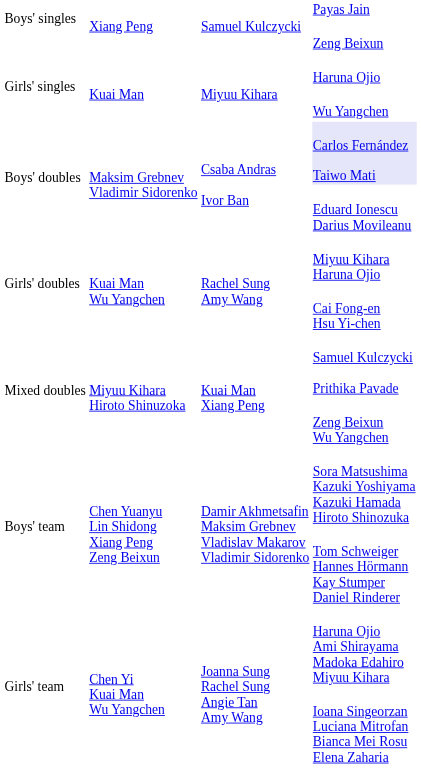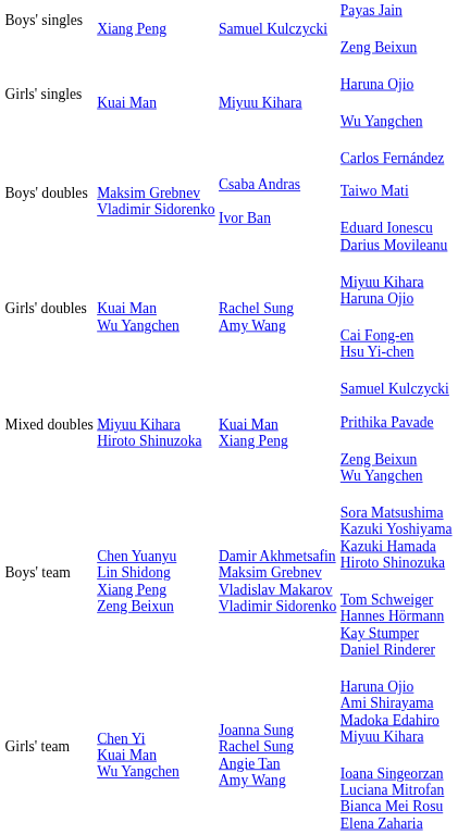 <table>
 <tr>
 <td rowspan=2>Boys' singles</td>
 <td rowspan=2><br><a href='#'>Xiang Peng</a></td>
 <td rowspan=2><br><a href='#'>Samuel Kulczycki</a></td>
 <td><br><a href='#'>Payas Jain</a></td>
 </tr>
 <tr>
 <td><br><a href='#'>Zeng Beixun</a></td>
 </tr>
 <tr>
 <td rowspan=2>Girls' singles</td>
 <td rowspan=2><br><a href='#'>Kuai Man</a></td>
 <td rowspan=2><br><a href='#'>Miyuu Kihara</a></td>
 <td><br><a href='#'>Haruna Ojio</a></td>
 </tr>
 <tr>
 <td><br><a href='#'>Wu Yangchen</a></td>
 </tr>
 <tr>
 <td rowspan=2>Boys' doubles</td>
 <td rowspan=2><br><a href='#'>Maksim Grebnev</a><br><a href='#'>Vladimir Sidorenko</a></td>
 <td rowspan=2><br><a href='#'>Csaba Andras</a><br><br><a href='#'>Ivor Ban</a></td>
-<td style="background: lavender;"><br><a href='#'>Carlos Fernández</a><br><br><a href='#'>Taiwo Mati</a></td>
+<td><br><a href='#'>Carlos Fernández</a><br><br><a href='#'>Taiwo Mati</a></td>
 </tr>
 <tr>
 <td><br><a href='#'>Eduard Ionescu</a><br><a href='#'>Darius Movileanu</a></td>
 </tr>
 <tr>
 <td rowspan=2>Girls' doubles</td>
 <td rowspan=2><br><a href='#'>Kuai Man</a><br><a href='#'>Wu Yangchen</a></td>
 <td rowspan=2><br><a href='#'>Rachel Sung</a><br><a href='#'>Amy Wang</a></td>
 <td><br><a href='#'>Miyuu Kihara</a><br><a href='#'>Haruna Ojio</a></td>
 </tr>
 <tr>
 <td><br><a href='#'>Cai Fong-en</a><br><a href='#'>Hsu Yi-chen</a></td>
 </tr>
 <tr>
 <td rowspan=2>Mixed doubles</td>
 <td rowspan=2><br><a href='#'>Miyuu Kihara</a><br><a href='#'>Hiroto Shinuzoka</a></td>
 <td rowspan=2><br><a href='#'>Kuai Man</a><br><a href='#'>Xiang Peng</a></td>
 <td><br><a href='#'>Samuel Kulczycki</a><br><br><a href='#'>Prithika Pavade</a></td>
 </tr>
 <tr>
 <td><br><a href='#'>Zeng Beixun</a><br><a href='#'>Wu Yangchen</a></td>
 </tr>
 <tr>
 <td rowspan=2>Boys' team</td>
 <td rowspan=2><br><a href='#'>Chen Yuanyu</a><br><a href='#'>Lin Shidong</a><br><a href='#'>Xiang Peng</a><br><a href='#'>Zeng Beixun</a></td>
 <td rowspan=2><br><a href='#'>Damir Akhmetsafin</a><br><a href='#'>Maksim Grebnev</a><br><a href='#'>Vladislav Makarov</a><br><a href='#'>Vladimir Sidorenko</a></td>
 <td><br><a href='#'>Sora Matsushima</a><br><a href='#'>Kazuki Yoshiyama</a><br><a href='#'>Kazuki Hamada</a><br><a href='#'>Hiroto Shinozuka</a></td>
 </tr>
 <tr>
 <td><br><a href='#'>Tom Schweiger</a><br><a href='#'>Hannes Hörmann</a><br><a href='#'>Kay Stumper</a><br><a href='#'>Daniel Rinderer</a></td>
 </tr>
 <tr>
 <td rowspan=2>Girls' team</td>
 <td rowspan=2><br><a href='#'>Chen Yi</a><br><a href='#'>Kuai Man</a><br><a href='#'>Wu Yangchen</a></td>
 <td rowspan=2><br><a href='#'>Joanna Sung</a><br><a href='#'>Rachel Sung</a><br><a href='#'>Angie Tan</a><br><a href='#'>Amy Wang</a></td>
 <td><br><a href='#'>Haruna Ojio</a><br><a href='#'>Ami Shirayama</a><br><a href='#'>Madoka Edahiro</a><br><a href='#'>Miyuu Kihara</a></td>
 </tr>
 <tr>
 <td><br><a href='#'>Ioana Singeorzan</a><br><a href='#'>Luciana Mitrofan</a><br><a href='#'>Bianca Mei Rosu</a><br><a href='#'>Elena Zaharia</a></td>
 </tr>
 </table>
